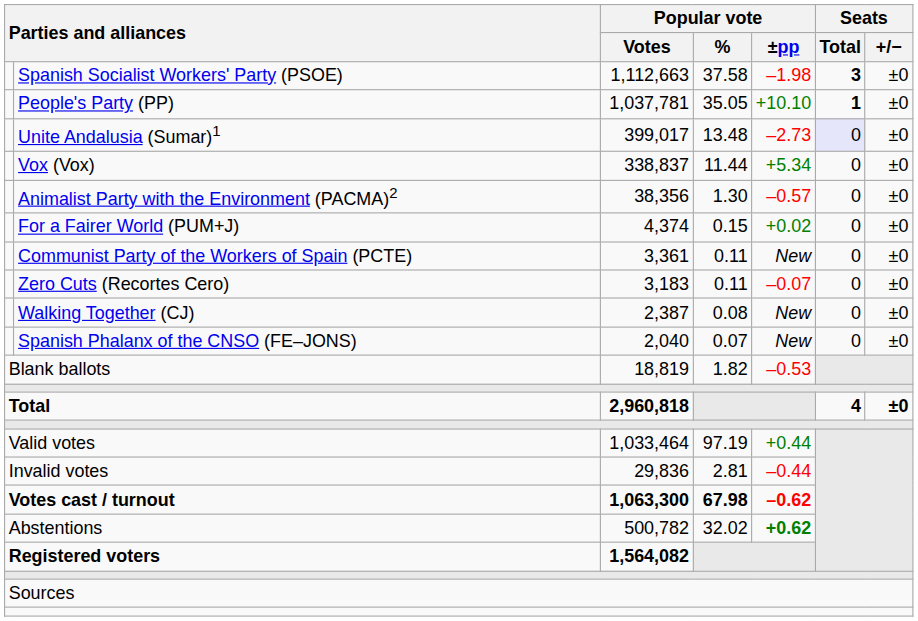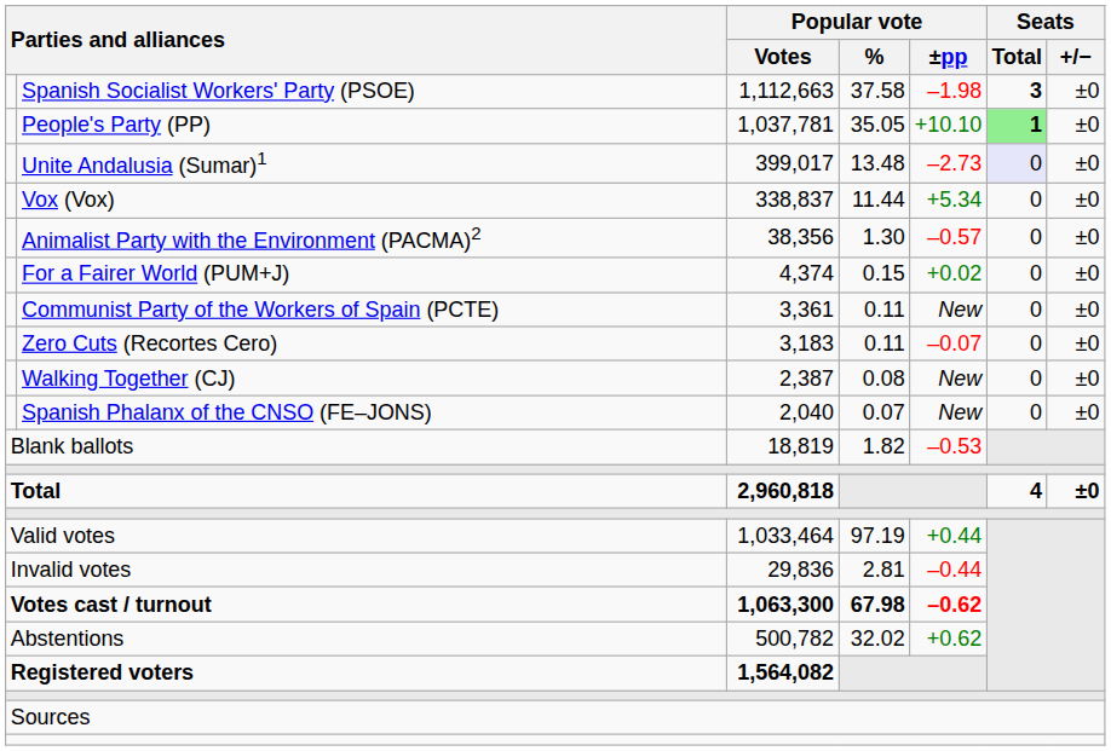 <table class="wikitable" style="text-align:right;">
 <tr>
 <th style="text-align:left;" rowspan="2" colspan="2" width="525">Parties and alliances</th>
 <th colspan="3">Popular vote</th>
 <th colspan="2">Seats</th>
 </tr>
 <tr>
 <th width="75">Votes</th>
 <th width="45">%</th>
 <th width="45">±<a href='#'>pp</a></th>
 <th width="35">Total</th>
 <th width="35">+/−</th>
 </tr>
 <tr>
 <td width="1" style="color:inherit;background:"></td>
 <td align="left"><a href='#'>Spanish Socialist Workers' Party</a> (PSOE)</td>
 <td>1,112,663</td>
 <td>37.58</td>
 <td style="color:red;">–1.98</td>
 <td><strong>3</strong></td>
 <td>±0</td>
 </tr>
 <tr>
 <td style="color:inherit;background:"></td>
 <td align="left"><a href='#'>People's Party</a> (PP)</td>
 <td>1,037,781</td>
 <td>35.05</td>
 <td style="color:green;">+10.10</td>
-<td><strong>1</strong></td>
+<td style="background: lightgreen;"><strong>1</strong></td>
 <td>±0</td>
 </tr>
 <tr>
 <td style="color:inherit;background:"></td>
 <td align="left"><a href='#'>Unite Andalusia</a> (Sumar)<sup>1</sup></td>
 <td>399,017</td>
 <td>13.48</td>
 <td style="color:red;">–2.73</td>
 <td style="background: lavender;">0</td>
 <td>±0</td>
 </tr>
 <tr>
 <td style="color:inherit;background:"></td>
 <td align="left"><a href='#'>Vox</a> (Vox)</td>
 <td>338,837</td>
 <td>11.44</td>
 <td style="color:green;">+5.34</td>
 <td>0</td>
 <td>±0</td>
 </tr>
 <tr>
 <td style="color:inherit;background:"></td>
 <td align="left"><a href='#'>Animalist Party with the Environment</a> (PACMA)<sup>2</sup></td>
 <td>38,356</td>
 <td>1.30</td>
 <td style="color:red;">–0.57</td>
 <td>0</td>
 <td>±0</td>
 </tr>
 <tr>
 <td style="color:inherit;background:"></td>
 <td align="left"><a href='#'>For a Fairer World</a> (PUM+J)</td>
 <td>4,374</td>
 <td>0.15</td>
 <td style="color:green;">+0.02</td>
 <td>0</td>
 <td>±0</td>
 </tr>
 <tr>
 <td style="color:inherit;background:"></td>
 <td align="left"><a href='#'>Communist Party of the Workers of Spain</a> (PCTE)</td>
 <td>3,361</td>
 <td>0.11</td>
 <td><em>New</em></td>
 <td>0</td>
 <td>±0</td>
 </tr>
 <tr>
 <td style="color:inherit;background:"></td>
 <td align="left"><a href='#'>Zero Cuts</a> (Recortes Cero)</td>
 <td>3,183</td>
 <td>0.11</td>
 <td style="color:red;">–0.07</td>
 <td>0</td>
 <td>±0</td>
 </tr>
 <tr>
 <td style="color:inherit;background:"></td>
 <td align="left"><a href='#'>Walking Together</a> (CJ)</td>
 <td>2,387</td>
 <td>0.08</td>
 <td><em>New</em></td>
 <td>0</td>
 <td>±0</td>
 </tr>
 <tr>
 <td style="color:inherit;background:"></td>
 <td align="left"><a href='#'>Spanish Phalanx of the CNSO</a> (FE–JONS)</td>
 <td>2,040</td>
 <td>0.07</td>
 <td><em>New</em></td>
 <td>0</td>
 <td>±0</td>
 </tr>
 <tr>
 <td align="left" colspan="2">Blank ballots</td>
 <td>18,819</td>
 <td>1.82</td>
 <td style="color:red;">–0.53</td>
 <td bgcolor="#E9E9E9" colspan="2"></td>
 </tr>
 <tr>
 <td colspan="7" bgcolor="#E9E9E9"></td>
 </tr>
 <tr style="font-weight:bold;">
 <td align="left" colspan="2">Total</td>
 <td>2,960,818</td>
 <td bgcolor="#E9E9E9" colspan="2"></td>
 <td>4</td>
 <td>±0</td>
 </tr>
 <tr>
 <td colspan="7" bgcolor="#E9E9E9"></td>
 </tr>
 <tr>
 <td align="left" colspan="2">Valid votes</td>
 <td>1,033,464</td>
 <td>97.19</td>
 <td style="color:green;">+0.44</td>
 <td bgcolor="#E9E9E9" colspan="2" rowspan="5"></td>
 </tr>
 <tr>
 <td align="left" colspan="2">Invalid votes</td>
 <td>29,836</td>
 <td>2.81</td>
 <td style="color:red;">–0.44</td>
 </tr>
 <tr style="font-weight:bold;">
 <td align="left" colspan="2">Votes cast / turnout</td>
 <td>1,063,300</td>
 <td>67.98</td>
 <td style="color:red;">–0.62</td>
 </tr>
 <tr>
 <td align="left" colspan="2">Abstentions</td>
 <td>500,782</td>
 <td>32.02</td>
-<td style="color:green;"><strong>+0.62</strong></td>
+<td style="color:green;">+0.62</td>
 </tr>
 <tr style="font-weight:bold;">
 <td align="left" colspan="2">Registered voters</td>
 <td>1,564,082</td>
 <td bgcolor="#E9E9E9" colspan="2"></td>
 </tr>
 <tr>
 <td colspan="7" bgcolor="#E9E9E9"></td>
 </tr>
 <tr>
 <td align="left" colspan="7">Sources</td>
 </tr>
 <tr>
 <td colspan="7" style="text-align:left; max-width:790px;"></td>
 </tr>
 </table>
